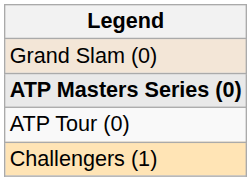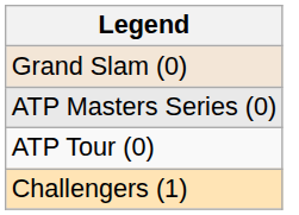 <table class=wikitable>
 <tr>
 <th>Legend</th>
 </tr>
 <tr bgcolor=f3e6d7>
 <td>Grand Slam (0)</td>
 </tr>
 <tr bgcolor=e9e9e9>
-<td><strong>ATP Masters Series (0)</strong></td>
+<td>ATP Masters Series (0)</td>
 </tr>
 <tr bgcolor=>
 <td>ATP Tour (0)</td>
 </tr>
 <tr bgcolor=moccasin>
 <td>Challengers (1)</td>
 </tr>
 </table>
